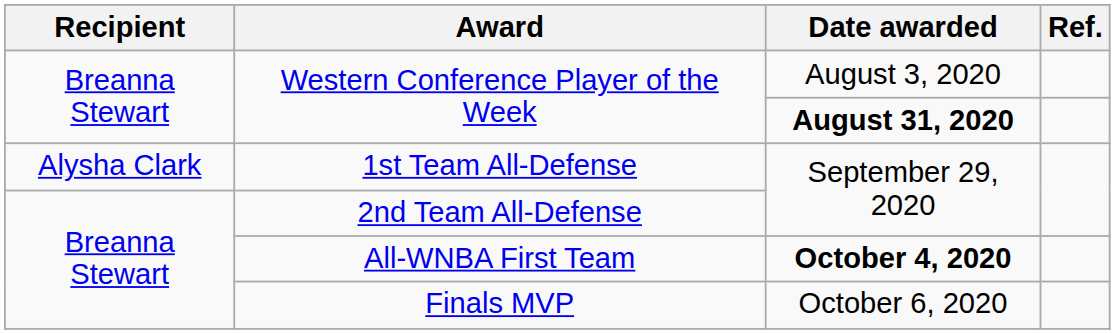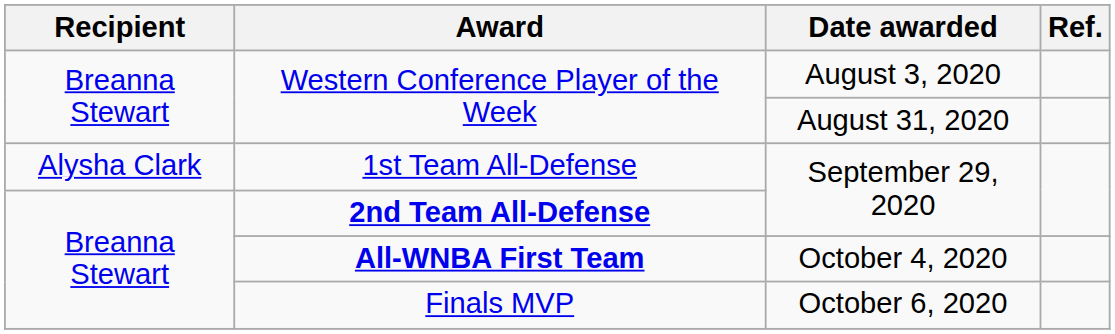 <table class="wikitable sortable sortable" style="text-align: center">
 <tr>
 <th>Recipient</th>
 <th>Award</th>
 <th>Date awarded</th>
 <th>Ref.</th>
 </tr>
 <tr>
 <td rowspan=2><a href='#'>Breanna Stewart</a></td>
 <td rowspan=2><a href='#'>Western Conference Player of the Week</a></td>
 <td>August 3, 2020</td>
 <td></td>
 </tr>
 <tr>
-<td><strong>August 31, 2020</strong></td>
+<td>August 31, 2020</td>
 <td></td>
 </tr>
 <tr>
 <td><a href='#'>Alysha Clark</a></td>
 <td><a href='#'>1st Team All-Defense</a></td>
 <td rowspan=2>September 29, 2020</td>
 <td rowspan=2></td>
 </tr>
 <tr>
 <td rowspan=3><a href='#'>Breanna Stewart</a></td>
-<td><a href='#'>2nd Team All-Defense</a></td>
+<td><strong><a href='#'>2nd Team All-Defense</a></strong></td>
 </tr>
 <tr>
-<td><a href='#'>All-WNBA First Team</a></td>
-<td><strong>October 4, 2020</strong></td>
+<td><strong><a href='#'>All-WNBA First Team</a></strong></td>
+<td>October 4, 2020</td>
 <td></td>
 </tr>
 <tr>
 <td><a href='#'>Finals MVP</a></td>
 <td>October 6, 2020</td>
 <td></td>
 </tr>
 </table>
